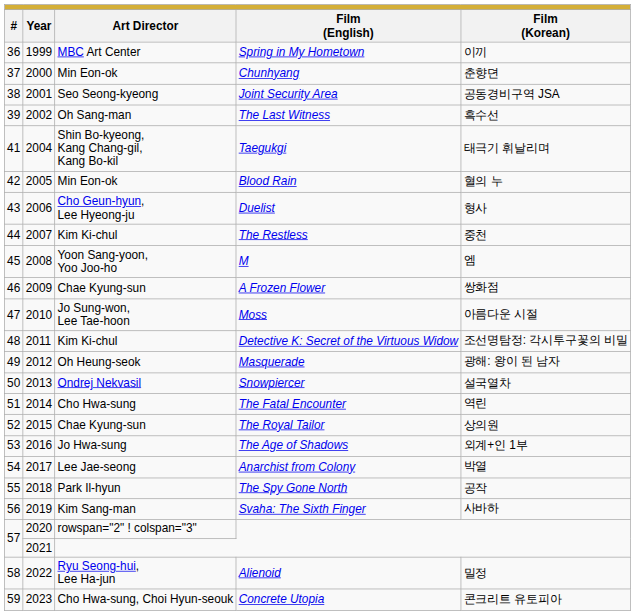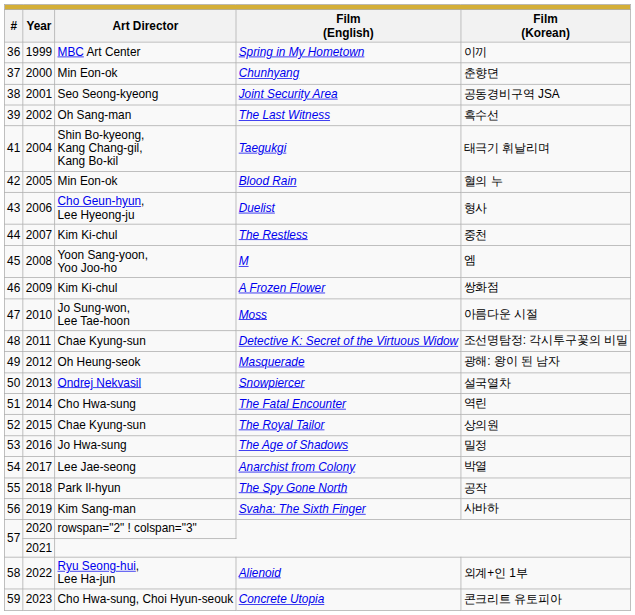 <table class="wikitable collapsible collapsed">
 <tr>
 <th colspan="5" style="background: #D4AF37;"></th>
 </tr>
 <tr>
 <th>#</th>
 <th>Year</th>
 <th>Art Director</th>
 <th>Film<br>(English)</th>
 <th>Film<br>(Korean)</th>
 </tr>
 <tr>
 <td>36</td>
 <td>1999</td>
 <td><a href='#'>MBC</a> Art Center</td>
 <td><em><a href='#'>Spring in My Hometown</a></em></td>
 <td>이끼</td>
 </tr>
 <tr>
 <td>37</td>
 <td>2000</td>
 <td>Min Eon-ok</td>
 <td><em><a href='#'>Chunhyang</a></em></td>
 <td>춘향뎐</td>
 </tr>
 <tr>
 <td>38</td>
 <td>2001</td>
 <td>Seo Seong-kyeong</td>
 <td><em><a href='#'>Joint Security Area</a></em></td>
 <td>공동경비구역 JSA</td>
 </tr>
 <tr>
 <td>39</td>
 <td>2002</td>
 <td>Oh Sang-man</td>
 <td><em><a href='#'>The Last Witness</a></em></td>
 <td>흑수선</td>
 </tr>
 <tr>
 <td>41</td>
 <td>2004</td>
 <td>Shin Bo-kyeong,<br>Kang Chang-gil,<br>Kang Bo-kil</td>
 <td><em><a href='#'>Taegukgi</a></em></td>
 <td>태극기 휘날리며</td>
 </tr>
 <tr>
 <td>42</td>
 <td>2005</td>
 <td>Min Eon-ok</td>
 <td><em><a href='#'>Blood Rain</a></em></td>
 <td>혈의 누</td>
 </tr>
 <tr>
 <td>43</td>
 <td>2006</td>
 <td><a href='#'>Cho Geun-hyun</a>,<br>Lee Hyeong-ju</td>
 <td><em><a href='#'>Duelist</a></em></td>
 <td>형사</td>
 </tr>
 <tr>
 <td>44</td>
 <td>2007</td>
 <td>Kim Ki-chul</td>
 <td><em><a href='#'>The Restless</a></em></td>
 <td>중천</td>
 </tr>
 <tr>
 <td>45</td>
 <td>2008</td>
 <td>Yoon Sang-yoon,<br>Yoo Joo-ho</td>
 <td><em><a href='#'>M</a></em></td>
 <td>엠</td>
 </tr>
 <tr>
 <td>46</td>
 <td>2009</td>
-<td>Chae Kyung-sun</td>
+<td>Kim Ki-chul</td>
 <td><em><a href='#'>A Frozen Flower</a></em></td>
 <td>쌍화점</td>
 </tr>
 <tr>
 <td>47</td>
 <td>2010</td>
 <td>Jo Sung-won,<br>Lee Tae-hoon</td>
 <td><em><a href='#'>Moss</a></em></td>
 <td>아름다운 시절</td>
 </tr>
 <tr>
 <td>48</td>
 <td>2011</td>
-<td>Kim Ki-chul</td>
+<td>Chae Kyung-sun</td>
 <td><em><a href='#'>Detective K: Secret of the Virtuous Widow</a></em></td>
 <td>조선명탐정: 각시투구꽃의 비밀</td>
 </tr>
 <tr>
 <td>49</td>
 <td>2012</td>
 <td>Oh Heung-seok</td>
 <td><em><a href='#'>Masquerade</a></em></td>
 <td>광해: 왕이 된 남자</td>
 </tr>
 <tr>
 <td>50</td>
 <td>2013</td>
 <td><a href='#'>Ondrej Nekvasil</a></td>
 <td><em><a href='#'>Snowpiercer</a></em></td>
 <td>설국열차</td>
 </tr>
 <tr>
 <td>51</td>
 <td>2014</td>
 <td>Cho Hwa-sung</td>
 <td><em><a href='#'>The Fatal Encounter</a></em></td>
 <td>역린</td>
 </tr>
 <tr>
 <td>52</td>
 <td>2015</td>
 <td>Chae Kyung-sun</td>
 <td><em><a href='#'>The Royal Tailor</a></em></td>
 <td>상의원</td>
 </tr>
 <tr>
 <td>53</td>
 <td>2016</td>
 <td>Jo Hwa-sung</td>
 <td><em><a href='#'>The Age of Shadows</a></em></td>
-<td>외계+인 1부</td>
+<td>밀정</td>
 </tr>
 <tr>
 <td>54</td>
 <td>2017</td>
 <td>Lee Jae-seong</td>
 <td><em><a href='#'>Anarchist from Colony</a></em></td>
 <td>박열</td>
 </tr>
 <tr>
 <td>55</td>
 <td>2018</td>
 <td>Park Il-hyun</td>
 <td><em><a href='#'>The Spy Gone North</a></em></td>
 <td>공작</td>
 </tr>
 <tr>
 <td>56</td>
 <td>2019</td>
 <td>Kim Sang-man</td>
 <td><em><a href='#'>Svaha: The Sixth Finger</a></em></td>
 <td>사바하</td>
 </tr>
 <tr>
 <td rowspan="2">57</td>
 <td>2020</td>
 <td>rowspan="2" ! colspan="3" </td>
 </tr>
 <tr>
 <td>2021</td>
 </tr>
 <tr>
 <td>58</td>
 <td>2022</td>
 <td><a href='#'>Ryu Seong-hui</a>,<br>Lee Ha-jun</td>
 <td><em><a href='#'>Alienoid</a></em></td>
-<td>밀정</td>
+<td>외계+인 1부</td>
 </tr>
 <tr>
 <td>59</td>
 <td>2023</td>
 <td>Cho Hwa-sung, Choi Hyun-seouk</td>
 <td><em><a href='#'>Concrete Utopia</a></em></td>
 <td>콘크리트 유토피아</td>
 </tr>
 </table>
